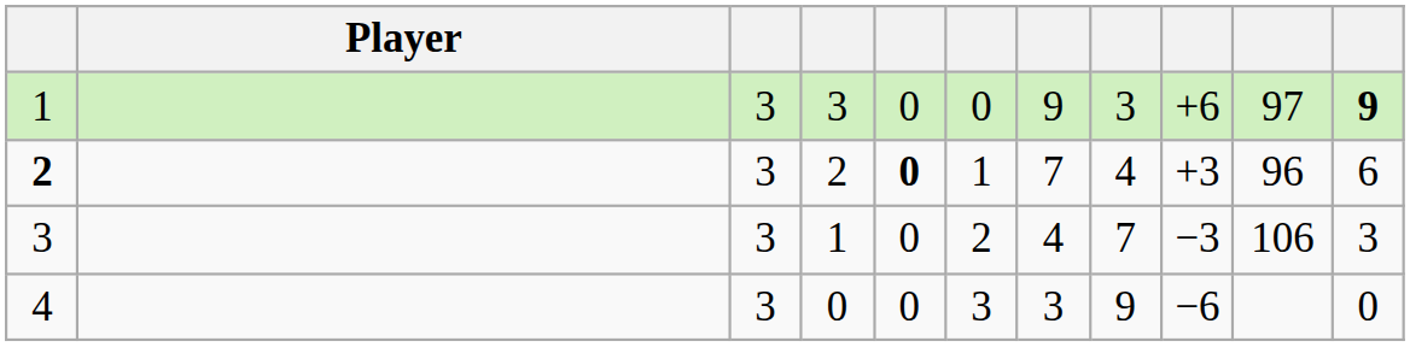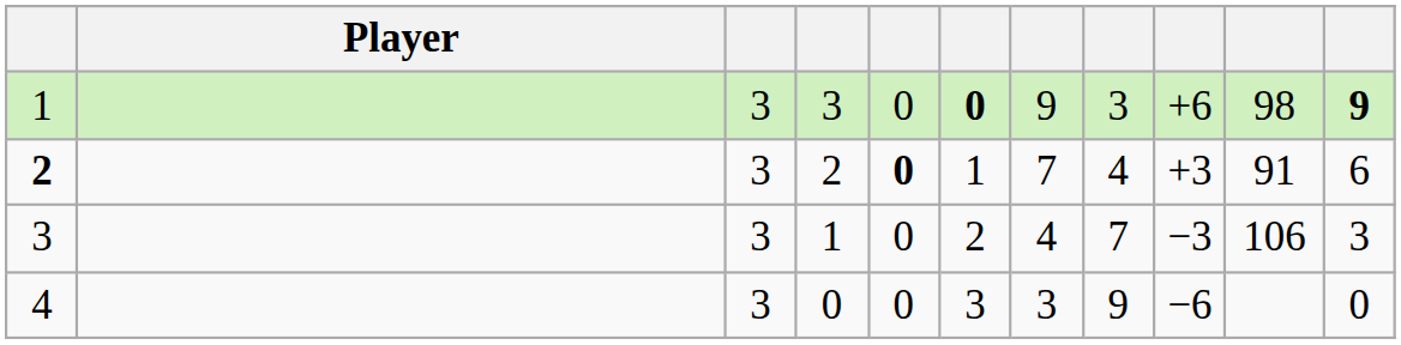 <table class="wikitable" style="text-align:center; margin: 1em auto 1em auto, align:left">
 <tr>
 <th width=20></th>
 <th width=240>Player</th>
 <th width=20></th>
 <th width=20></th>
 <th width=20></th>
 <th width=20></th>
 <th width=20></th>
 <th width=20></th>
 <th width=20></th>
 <th width=30></th>
 <th width=20></th>
 </tr>
 <tr style="background:#D0F0C0;">
 <td>1</td>
 <td align=left></td>
 <td>3</td>
 <td>3</td>
 <td>0</td>
-<td>0</td>
+<td><strong>0</strong></td>
 <td>9</td>
 <td>3</td>
 <td>+6</td>
-<td>97</td>
+<td>98</td>
 <td><strong>9</strong></td>
 </tr>
 <tr style=>
 <td><strong>2</strong></td>
 <td align=left></td>
 <td>3</td>
 <td>2</td>
 <td><strong>0</strong></td>
 <td>1</td>
 <td>7</td>
 <td>4</td>
 <td>+3</td>
-<td>96</td>
+<td>91</td>
 <td>6</td>
 </tr>
 <tr style=>
 <td>3</td>
 <td align=left></td>
 <td>3</td>
 <td>1</td>
 <td>0</td>
 <td>2</td>
 <td>4</td>
 <td>7</td>
 <td>−3</td>
 <td>106</td>
 <td>3</td>
 </tr>
 <tr style=>
 <td>4</td>
 <td align=left></td>
 <td>3</td>
 <td>0</td>
 <td>0</td>
 <td>3</td>
 <td>3</td>
 <td>9</td>
 <td>−6</td>
 <td></td>
 <td>0</td>
 </tr>
 </table>
